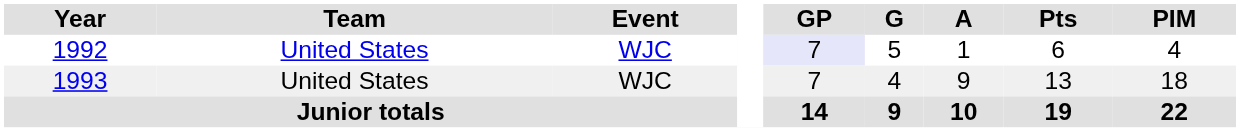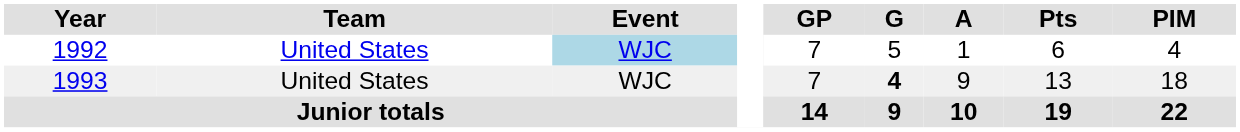 <table border="0" cellpadding="1" cellspacing="0" style="text-align:center; width:50em">
 <tr ALIGN="center" bgcolor="#e0e0e0">
 <th>Year</th>
 <th>Team</th>
 <th>Event</th>
 <th rowspan="99" bgcolor="#ffffff"> </th>
 <th>GP</th>
 <th>G</th>
 <th>A</th>
 <th>Pts</th>
 <th>PIM</th>
 </tr>
 <tr>
 <td><a href='#'>1992</a></td>
 <td><a href='#'>United States</a></td>
-<td><a href='#'>WJC</a></td>
-<td style="background: lavender;">7</td>
+<td style="background: lightblue;"><a href='#'>WJC</a></td>
+<td>7</td>
 <td>5</td>
 <td>1</td>
 <td>6</td>
 <td>4</td>
 </tr>
 <tr bgcolor="#f0f0f0">
 <td><a href='#'>1993</a></td>
 <td>United States</td>
 <td>WJC</td>
 <td>7</td>
-<td>4</td>
+<td><strong>4</strong></td>
 <td>9</td>
 <td>13</td>
 <td>18</td>
 </tr>
 <tr bgcolor="#e0e0e0">
 <th colspan=3>Junior totals</th>
 <th>14</th>
 <th>9</th>
 <th>10</th>
 <th>19</th>
 <th>22</th>
 </tr>
 </table>
